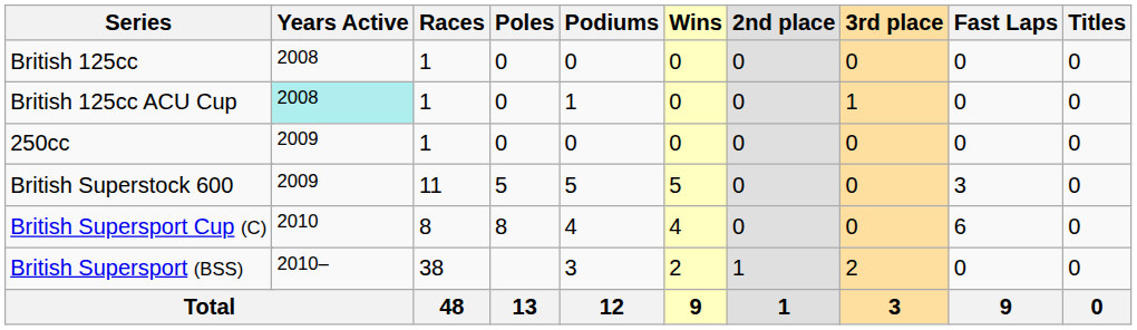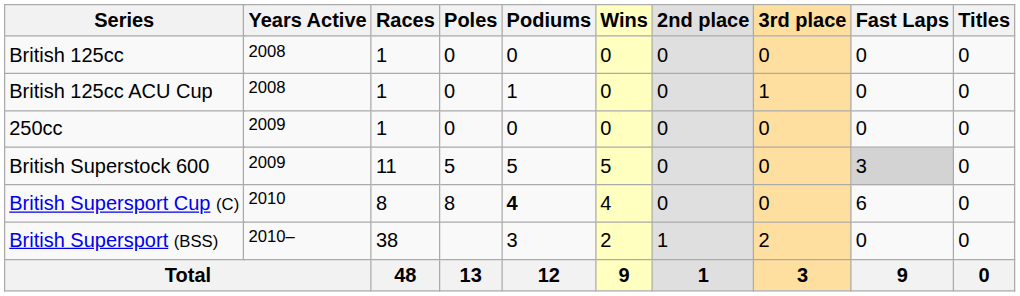 <table class="wikitable">
 <tr>
 <th colspan=2>Series</th>
 <th>Years Active</th>
 <th>Races</th>
 <th>Poles</th>
 <th>Podiums</th>
 <td style="background:#ffffbf;"><strong>Wins</strong></td>
 <td style="background:#DFDFDF;"><strong>2nd place</strong></td>
 <td style="background:#FFDF9F;"><strong>3rd place</strong></td>
 <th>Fast Laps</th>
 <th>Titles</th>
 </tr>
 <tr>
 <td colspan=2>British 125cc</td>
 <td><sup>2008</sup></td>
 <td>1</td>
 <td>0</td>
 <td>0</td>
 <td style="background:#ffffbf;">0</td>
 <td style="background:#DFDFDF;">0</td>
 <td style="background:#FFDF9F;">0</td>
 <td>0</td>
 <td>0</td>
 </tr>
 <tr>
 <td colspan=2>British 125cc ACU Cup</td>
-<td style="background: paleturquoise;"><sup>2008</sup></td>
+<td><sup>2008</sup></td>
 <td>1</td>
 <td>0</td>
 <td>1</td>
 <td style="background:#ffffbf;">0</td>
 <td style="background:#DFDFDF;">0</td>
 <td style="background:#FFDF9F;">1</td>
 <td>0</td>
 <td>0</td>
 </tr>
 <tr>
 <td colspan=2>250cc</td>
 <td><sup>2009</sup></td>
 <td>1</td>
 <td>0</td>
 <td>0</td>
 <td style="background:#ffffbf;">0</td>
 <td style="background:#DFDFDF;">0</td>
 <td style="background:#FFDF9F;">0</td>
 <td>0</td>
 <td>0</td>
 </tr>
 <tr>
 <td colspan=2>British Superstock 600</td>
 <td><sup>2009</sup></td>
 <td>11</td>
 <td>5</td>
 <td>5</td>
 <td style="background:#ffffbf;">5</td>
 <td style="background:#DFDFDF;">0</td>
 <td style="background:#FFDF9F;">0</td>
-<td>3</td>
+<td style="background: lightgrey;">3</td>
 <td>0</td>
 </tr>
 <tr>
 <td colspan=2><a href='#'>British Supersport Cup</a> <small>(<span>C</span>)</small></td>
 <td><sup>2010</sup></td>
 <td>8</td>
 <td>8</td>
-<td>4</td>
+<td><strong>4</strong></td>
 <td style="background:#ffffbf;">4</td>
 <td style="background:#DFDFDF;">0</td>
 <td style="background:#FFDF9F;">0</td>
 <td>6</td>
 <td>0</td>
 </tr>
 <tr>
 <td colspan=2><a href='#'>British Supersport</a> <small>(BSS)</small></td>
 <td><sup>2010–</sup></td>
 <td>38</td>
 <td></td>
 <td>3</td>
 <td style="background:#ffffbf;">2</td>
 <td style="background:#DFDFDF;">1</td>
 <td style="background:#FFDF9F;">2</td>
 <td>0</td>
 <td>0</td>
 </tr>
 <tr>
 <th colspan=3>Total</th>
 <th>48</th>
 <th>13</th>
 <th>12</th>
 <th style="background:#ffffbf;">9</th>
 <th style="background:#DFDFDF;">1</th>
 <th style="background:#FFDF9F;">3</th>
 <th>9</th>
 <th>0</th>
 </tr>
 </table>
